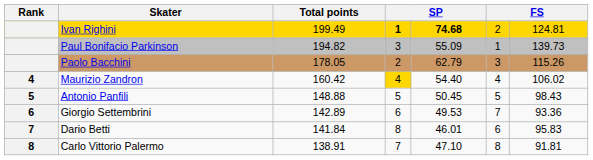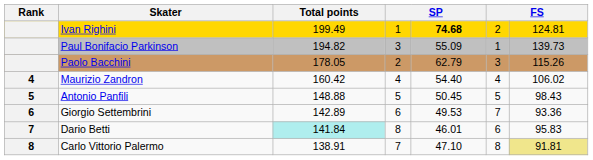 <table class="wikitable sortable" style="text-align:left;" width="70%">
 <tr>
 <th scope="col">Rank</th>
 <th scope="col">Skater</th>
 <th scope="col">Total points</th>
 <th scope="col" colspan="2" width="80px"><a href='#'>SP</a></th>
 <th scope="col" colspan="2" width="80px"><a href='#'>FS</a></th>
 </tr>
 <tr bgcolor="gold">
 <th scope="row"></th>
 <td><a href='#'>Ivan Righini</a></td>
 <td style="text-align: center;">199.49</td>
-<td style="text-align: center;"><strong>1</strong></td>
+<td style="text-align: center;">1</td>
 <td style="text-align: center;"><strong>74.68</strong></td>
 <td style="text-align: center;">2</td>
 <td style="text-align: center;">124.81</td>
 </tr>
 <tr bgcolor="silver">
 <th scope="row"></th>
 <td><a href='#'>Paul Bonifacio Parkinson</a></td>
 <td style="text-align: center;">194.82</td>
 <td style="text-align: center;">3</td>
 <td style="text-align: center;">55.09</td>
 <td style="text-align: center;">1</td>
 <td style="text-align: center;">139.73</td>
 </tr>
 <tr bgcolor="cc9966">
 <th scope="row"></th>
 <td><a href='#'>Paolo Bacchini</a></td>
 <td style="text-align: center;">178.05</td>
 <td style="text-align: center;">2</td>
 <td style="text-align: center;">62.79</td>
 <td style="text-align: center;">3</td>
 <td style="text-align: center;">115.26</td>
 </tr>
 <tr>
 <th scope="row">4</th>
 <td><a href='#'>Maurizio Zandron</a></td>
 <td style="text-align: center;">160.42</td>
-<td style="background: gold; text-align: center;">4</td>
+<td style="text-align: center;">4</td>
 <td style="text-align: center;">54.40</td>
 <td style="text-align: center;">4</td>
 <td style="text-align: center;">106.02</td>
 </tr>
 <tr>
 <th scope="row">5</th>
 <td><a href='#'>Antonio Panfili</a></td>
 <td style="text-align: center;">148.88</td>
 <td style="text-align: center;">5</td>
 <td style="text-align: center;">50.45</td>
 <td style="text-align: center;">5</td>
 <td style="text-align: center;">98.43</td>
 </tr>
 <tr>
 <th scope="row">6</th>
 <td>Giorgio Settembrini</td>
 <td style="text-align: center;">142.89</td>
 <td style="text-align: center;">6</td>
 <td style="text-align: center;">49.53</td>
 <td style="text-align: center;">7</td>
 <td style="text-align: center;">93.36</td>
 </tr>
 <tr>
 <th scope="row">7</th>
 <td>Dario Betti</td>
-<td style="text-align: center;">141.84</td>
+<td style="background: paleturquoise; text-align: center;">141.84</td>
 <td style="text-align: center;">8</td>
 <td style="text-align: center;">46.01</td>
 <td style="text-align: center;">6</td>
 <td style="text-align: center;">95.83</td>
 </tr>
 <tr>
 <th scope="row">8</th>
 <td>Carlo Vittorio Palermo</td>
 <td style="text-align: center;">138.91</td>
 <td style="text-align: center;">7</td>
 <td style="text-align: center;">47.10</td>
 <td style="text-align: center;">8</td>
-<td style="text-align: center;">91.81</td>
+<td style="background: khaki; text-align: center;">91.81</td>
 </tr>
 </table>
